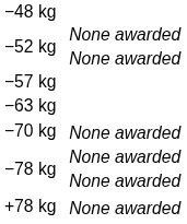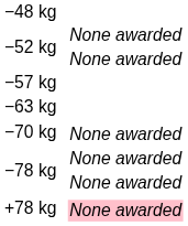 <table>
 <tr>
 <td rowspan=2>−48 kg</td>
 <td rowspan=2></td>
 <td rowspan=2></td>
 <td></td>
 </tr>
 <tr>
 <td></td>
 </tr>
 <tr>
 <td rowspan=2>−52 kg</td>
 <td rowspan=2></td>
 <td rowspan=2></td>
 <td><em>None awarded</em></td>
 </tr>
 <tr>
 <td><em>None awarded</em></td>
 </tr>
 <tr>
 <td rowspan=2>−57 kg</td>
 <td rowspan=2></td>
 <td rowspan=2></td>
 <td></td>
 </tr>
 <tr>
 <td></td>
 </tr>
 <tr>
 <td rowspan=2>−63 kg</td>
 <td rowspan=2></td>
 <td rowspan=2></td>
 <td></td>
 </tr>
 <tr>
 <td></td>
 </tr>
 <tr>
 <td rowspan=2>−70 kg</td>
 <td rowspan=2></td>
 <td rowspan=2></td>
 <td></td>
 </tr>
 <tr>
 <td><em>None awarded</em></td>
 </tr>
 <tr>
 <td rowspan=2>−78 kg</td>
 <td rowspan=2></td>
 <td rowspan=2></td>
 <td><em>None awarded</em></td>
 </tr>
 <tr>
 <td><em>None awarded</em></td>
 </tr>
 <tr>
 <td rowspan=2>+78 kg</td>
 <td rowspan=2></td>
 <td rowspan=2></td>
 <td></td>
 </tr>
 <tr>
-<td><em>None awarded</em></td>
+<td style="background: pink;"><em>None awarded</em></td>
 </tr>
 </table>
